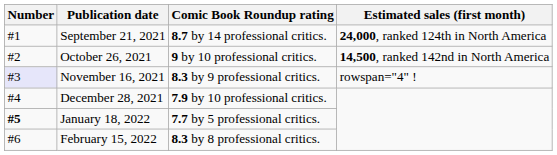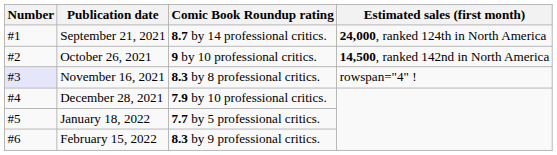 <table class="wikitable">
 <tr>
 <th>Number</th>
 <th>Publication date</th>
 <th><strong>Comic Book Roundup rating</strong></th>
 <th><strong>Estimated sales (first month)</strong></th>
 </tr>
 <tr>
 <td>#1</td>
 <td>September 21, 2021</td>
 <td><strong>8.7</strong> by 14 professional critics.</td>
 <td><strong>24,000</strong>, ranked 124th in North America</td>
 </tr>
 <tr>
 <td>#2</td>
 <td>October 26, 2021</td>
 <td><strong>9</strong> by 10 professional critics.</td>
 <td><strong>14,500</strong>, ranked 142nd in North America</td>
 </tr>
 <tr>
 <td style="background: lavender;">#3</td>
 <td>November 16, 2021</td>
-<td><strong>8.3</strong> by 9 professional critics.</td>
+<td><strong>8.3</strong> by 8 professional critics.</td>
 <td>rowspan="4" !</td>
 </tr>
 <tr>
 <td>#4</td>
 <td>December 28, 2021</td>
 <td><strong>7.9</strong> by 10 professional critics.</td>
 </tr>
 <tr>
-<td><strong>#5</strong></td>
+<td>#5</td>
 <td>January 18, 2022</td>
 <td><strong>7.7</strong> by 5 professional critics.</td>
 </tr>
 <tr>
 <td>#6</td>
 <td>February 15, 2022</td>
-<td><strong>8.3</strong> by 8 professional critics.</td>
+<td><strong>8.3</strong> by 9 professional critics.</td>
 </tr>
 </table>
